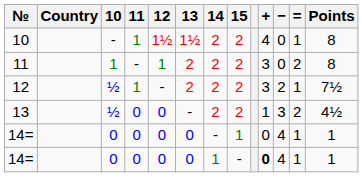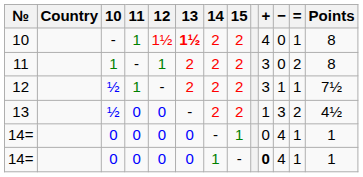 <table class="wikitable" style="text-align:center">
 <tr>
 <th>№</th>
 <th>Country</th>
 <th>10</th>
 <th>11</th>
 <th>12</th>
 <th>13</th>
 <th>14</th>
 <th>15</th>
 <th></th>
 <th>+</th>
 <th>−</th>
 <th>=</th>
 <th>Points</th>
 </tr>
 <tr>
 <td>10</td>
 <td style="text-align: left"></td>
 <td>-</td>
 <td style="color:green;">1</td>
 <td style="color:red;">1½</td>
-<td style="color:red;">1½</td>
+<td style="color:red;"><strong>1½</strong></td>
 <td style="color:red;">2</td>
 <td style="color:red;">2</td>
 <th></th>
 <td>4</td>
 <td>0</td>
 <td>1</td>
 <td>8</td>
 </tr>
 <tr>
 <td>11</td>
 <td style="text-align: left"></td>
 <td style="color:green;">1</td>
 <td>-</td>
 <td style="color:green;">1</td>
 <td style="color:red;">2</td>
 <td style="color:red;">2</td>
 <td style="color:red;">2</td>
 <th></th>
 <td>3</td>
 <td>0</td>
 <td>2</td>
 <td>8</td>
 </tr>
 <tr>
 <td>12</td>
 <td style="text-align: left"></td>
 <td style="color:blue;">½</td>
 <td style="color:green;">1</td>
 <td>-</td>
 <td style="color:red;">2</td>
 <td style="color:red;">2</td>
 <td style="color:red;">2</td>
 <th></th>
 <td>3</td>
-<td>2</td>
+<td>1</td>
 <td>1</td>
 <td>7½</td>
 </tr>
 <tr>
 <td>13</td>
 <td style="text-align: left"></td>
 <td style="color:blue;">½</td>
 <td style="color:blue;">0</td>
 <td style="color:blue;">0</td>
 <td>-</td>
 <td style="color:red;">2</td>
 <td style="color:red;">2</td>
 <th></th>
 <td>1</td>
 <td>3</td>
 <td>2</td>
 <td>4½</td>
 </tr>
 <tr>
 <td>14=</td>
 <td style="text-align: left"></td>
 <td style="color:blue;">0</td>
 <td style="color:blue;">0</td>
 <td style="color:blue;">0</td>
 <td style="color:blue;">0</td>
 <td>-</td>
 <td style="color:green;">1</td>
 <th></th>
 <td>0</td>
 <td>4</td>
 <td>1</td>
 <td>1</td>
 </tr>
 <tr>
 <td>14=</td>
 <td style="text-align: left"></td>
 <td style="color:blue;">0</td>
 <td style="color:blue;">0</td>
 <td style="color:blue;">0</td>
 <td style="color:blue;">0</td>
 <td style="color:green;">1</td>
 <td>-</td>
 <th></th>
 <td><strong>0</strong></td>
 <td>4</td>
 <td>1</td>
 <td>1</td>
 </tr>
 </table>
